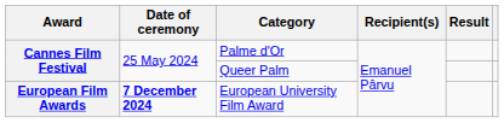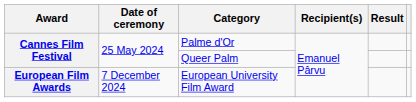 <table class="wikitable sortable plainrowheaders">
 <tr>
 <th scope="col">Award</th>
 <th scope="col">Date of ceremony</th>
 <th scope="col">Category</th>
 <th scope="col">Recipient(s)</th>
 <th scope="col">Result</th>
 <th scope="col" class="unsortable"></th>
 </tr>
 <tr>
 <th rowspan="2" scope="row"><a href='#'>Cannes Film Festival</a></th>
 <td rowspan="2"><a href='#'>25 May 2024</a></td>
 <td><a href='#'>Palme d'Or</a></td>
 <td rowspan="3"><a href='#'>Emanuel Pârvu</a></td>
 <td></td>
 <td align="center"></td>
 </tr>
 <tr>
 <td><a href='#'>Queer Palm</a></td>
 <td></td>
 <td align="center"></td>
 </tr>
 <tr>
 <th scope="row"><a href='#'>European Film Awards</a></th>
-<td><strong><a href='#'>7 December 2024</a></strong></td>
+<td><a href='#'>7 December 2024</a></td>
 <td><a href='#'>European University Film Award</a></td>
 <td></td>
 <td align="center"></td>
 </tr>
 </table>
